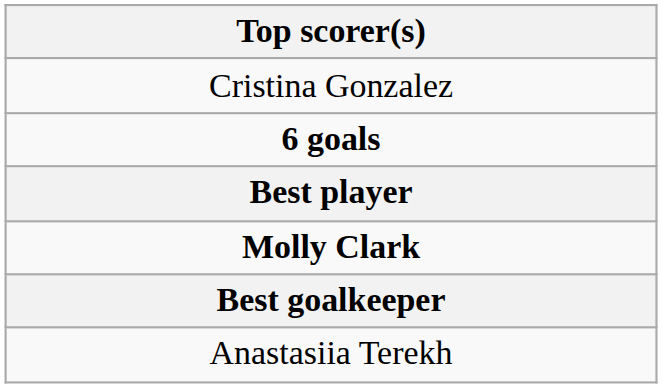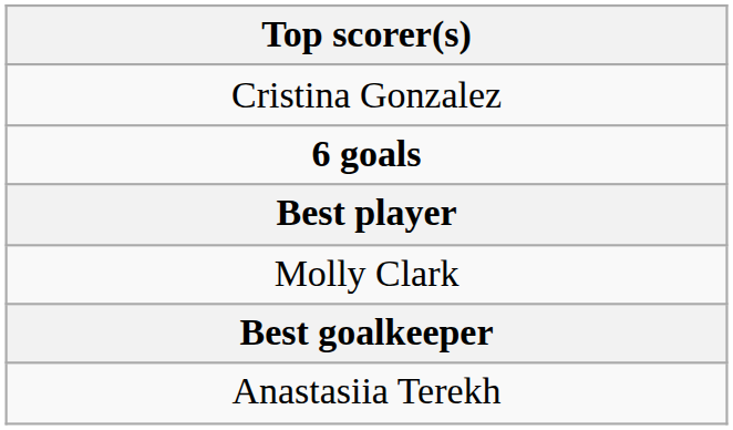 <table class="wikitable" style="margin: 1em auto 1em auto;">
 <tr>
 <th width=300>Top scorer(s)</th>
 </tr>
 <tr align=center style="background:">
 <td style="text-align:center;"> Cristina Gonzalez</td>
 </tr>
 <tr>
 <td style="text-align:center;"><strong>6 goals</strong></td>
 </tr>
 <tr>
 <th>Best player</th>
 </tr>
 <tr>
-<td style="text-align:center;"><strong> Molly Clark</strong></td>
+<td style="text-align:center;"> Molly Clark</td>
 </tr>
 <tr>
 <th>Best goalkeeper</th>
 </tr>
 <tr>
 <td style="text-align:center;"> Anastasiia Terekh</td>
 </tr>
 </table>
